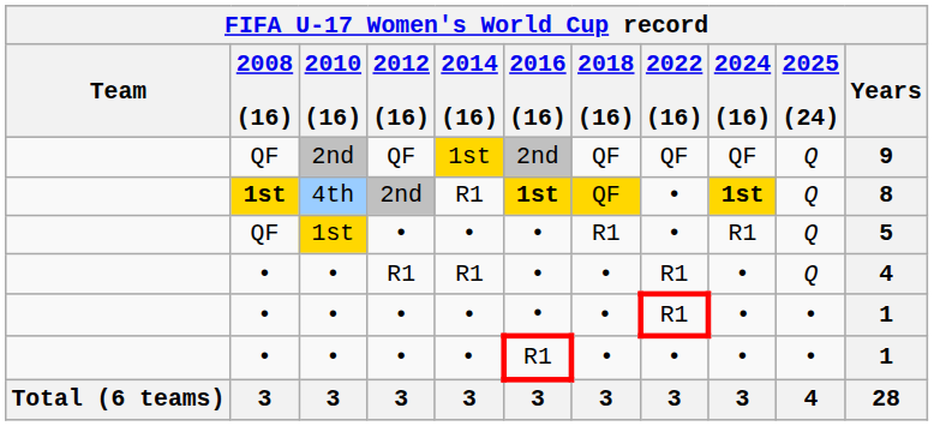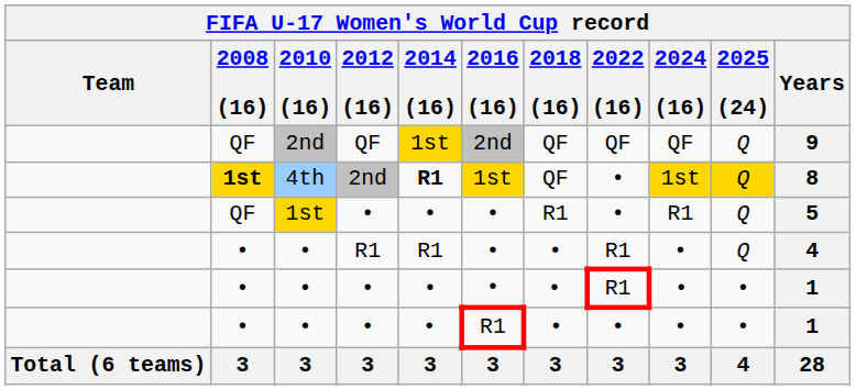 <table class="wikitable">
 <tr style="background:#cccccc;" align=center>
 <th colspan=21><a href='#'>FIFA U-17 Women's World Cup</a> record</th>
 </tr>
 <tr>
 <th>Team</th>
 <th><a href='#'>2008</a><br><br>(16)</th>
 <th><a href='#'>2010</a><br><br>(16)</th>
 <th><a href='#'>2012</a><br><br>(16)</th>
 <th><a href='#'>2014</a><br><br>(16)</th>
 <th><a href='#'>2016</a><br><br>(16)</th>
 <th><a href='#'>2018</a><br><br>(16)</th>
 <th><a href='#'>2022</a><br><br>(16)</th>
 <th><a href='#'>2024</a><br><br>(16)</th>
 <th><a href='#'>2025</a><br><br>(24)</th>
 <th>Years</th>
 </tr>
 <tr align=center>
 <td align=left></td>
 <td>QF</td>
 <td bgcolor=silver>2nd</td>
 <td>QF</td>
 <td bgcolor=gold>1st</td>
 <td bgcolor=silver>2nd</td>
 <td>QF</td>
 <td>QF</td>
 <td>QF</td>
 <td><em>Q</em></td>
 <th>9</th>
 </tr>
 <tr align=center>
 <td align=left></td>
 <td bgcolor=gold><strong>1st</strong></td>
 <td bgcolor=#9acdff>4th</td>
 <td bgcolor=silver>2nd</td>
-<td>R1</td>
-<td bgcolor=gold><strong>1st</strong></td>
-<td style="background: gold;">QF</td>
+<td><strong>R1</strong></td>
+<td bgcolor=gold>1st</td>
+<td>QF</td>
 <td>•</td>
-<td bgcolor=gold><strong>1st</strong></td>
-<td><em>Q</em></td>
+<td bgcolor=gold>1st</td>
+<td style="background: gold;"><em>Q</em></td>
 <th>8</th>
 </tr>
 <tr align=center>
 <td align=left></td>
 <td>QF</td>
 <td bgcolor=gold>1st</td>
 <td>•</td>
 <td>•</td>
 <td>•</td>
 <td>R1</td>
 <td>•</td>
 <td>R1</td>
 <td><em>Q</em></td>
 <th>5</th>
 </tr>
 <tr align=center>
 <td align=left></td>
 <td>•</td>
 <td>•</td>
 <td>R1</td>
 <td>R1</td>
 <td>•</td>
 <td>•</td>
 <td>R1</td>
 <td>•</td>
 <td><em>Q</em></td>
 <th>4</th>
 </tr>
 <tr align=center>
 <td align=left></td>
 <td>•</td>
 <td>•</td>
 <td>•</td>
 <td>•</td>
 <td>•</td>
 <td>•</td>
 <td style="border: 3px solid red">R1</td>
 <td>•</td>
 <td>•</td>
 <th>1</th>
 </tr>
 <tr align=center>
 <td align=left></td>
 <td>•</td>
 <td>•</td>
 <td>•</td>
 <td>•</td>
 <td style="border: 3px solid red">R1</td>
 <td>•</td>
 <td>•</td>
 <td>•</td>
 <td>•</td>
 <th>1</th>
 </tr>
 <tr align=center>
 <th align=left>Total (6 teams)</th>
 <th>3</th>
 <th>3</th>
 <th>3</th>
 <th>3</th>
 <th>3</th>
 <th>3</th>
 <th>3</th>
 <th>3</th>
 <th>4</th>
 <th>28</th>
 </tr>
 </table>
